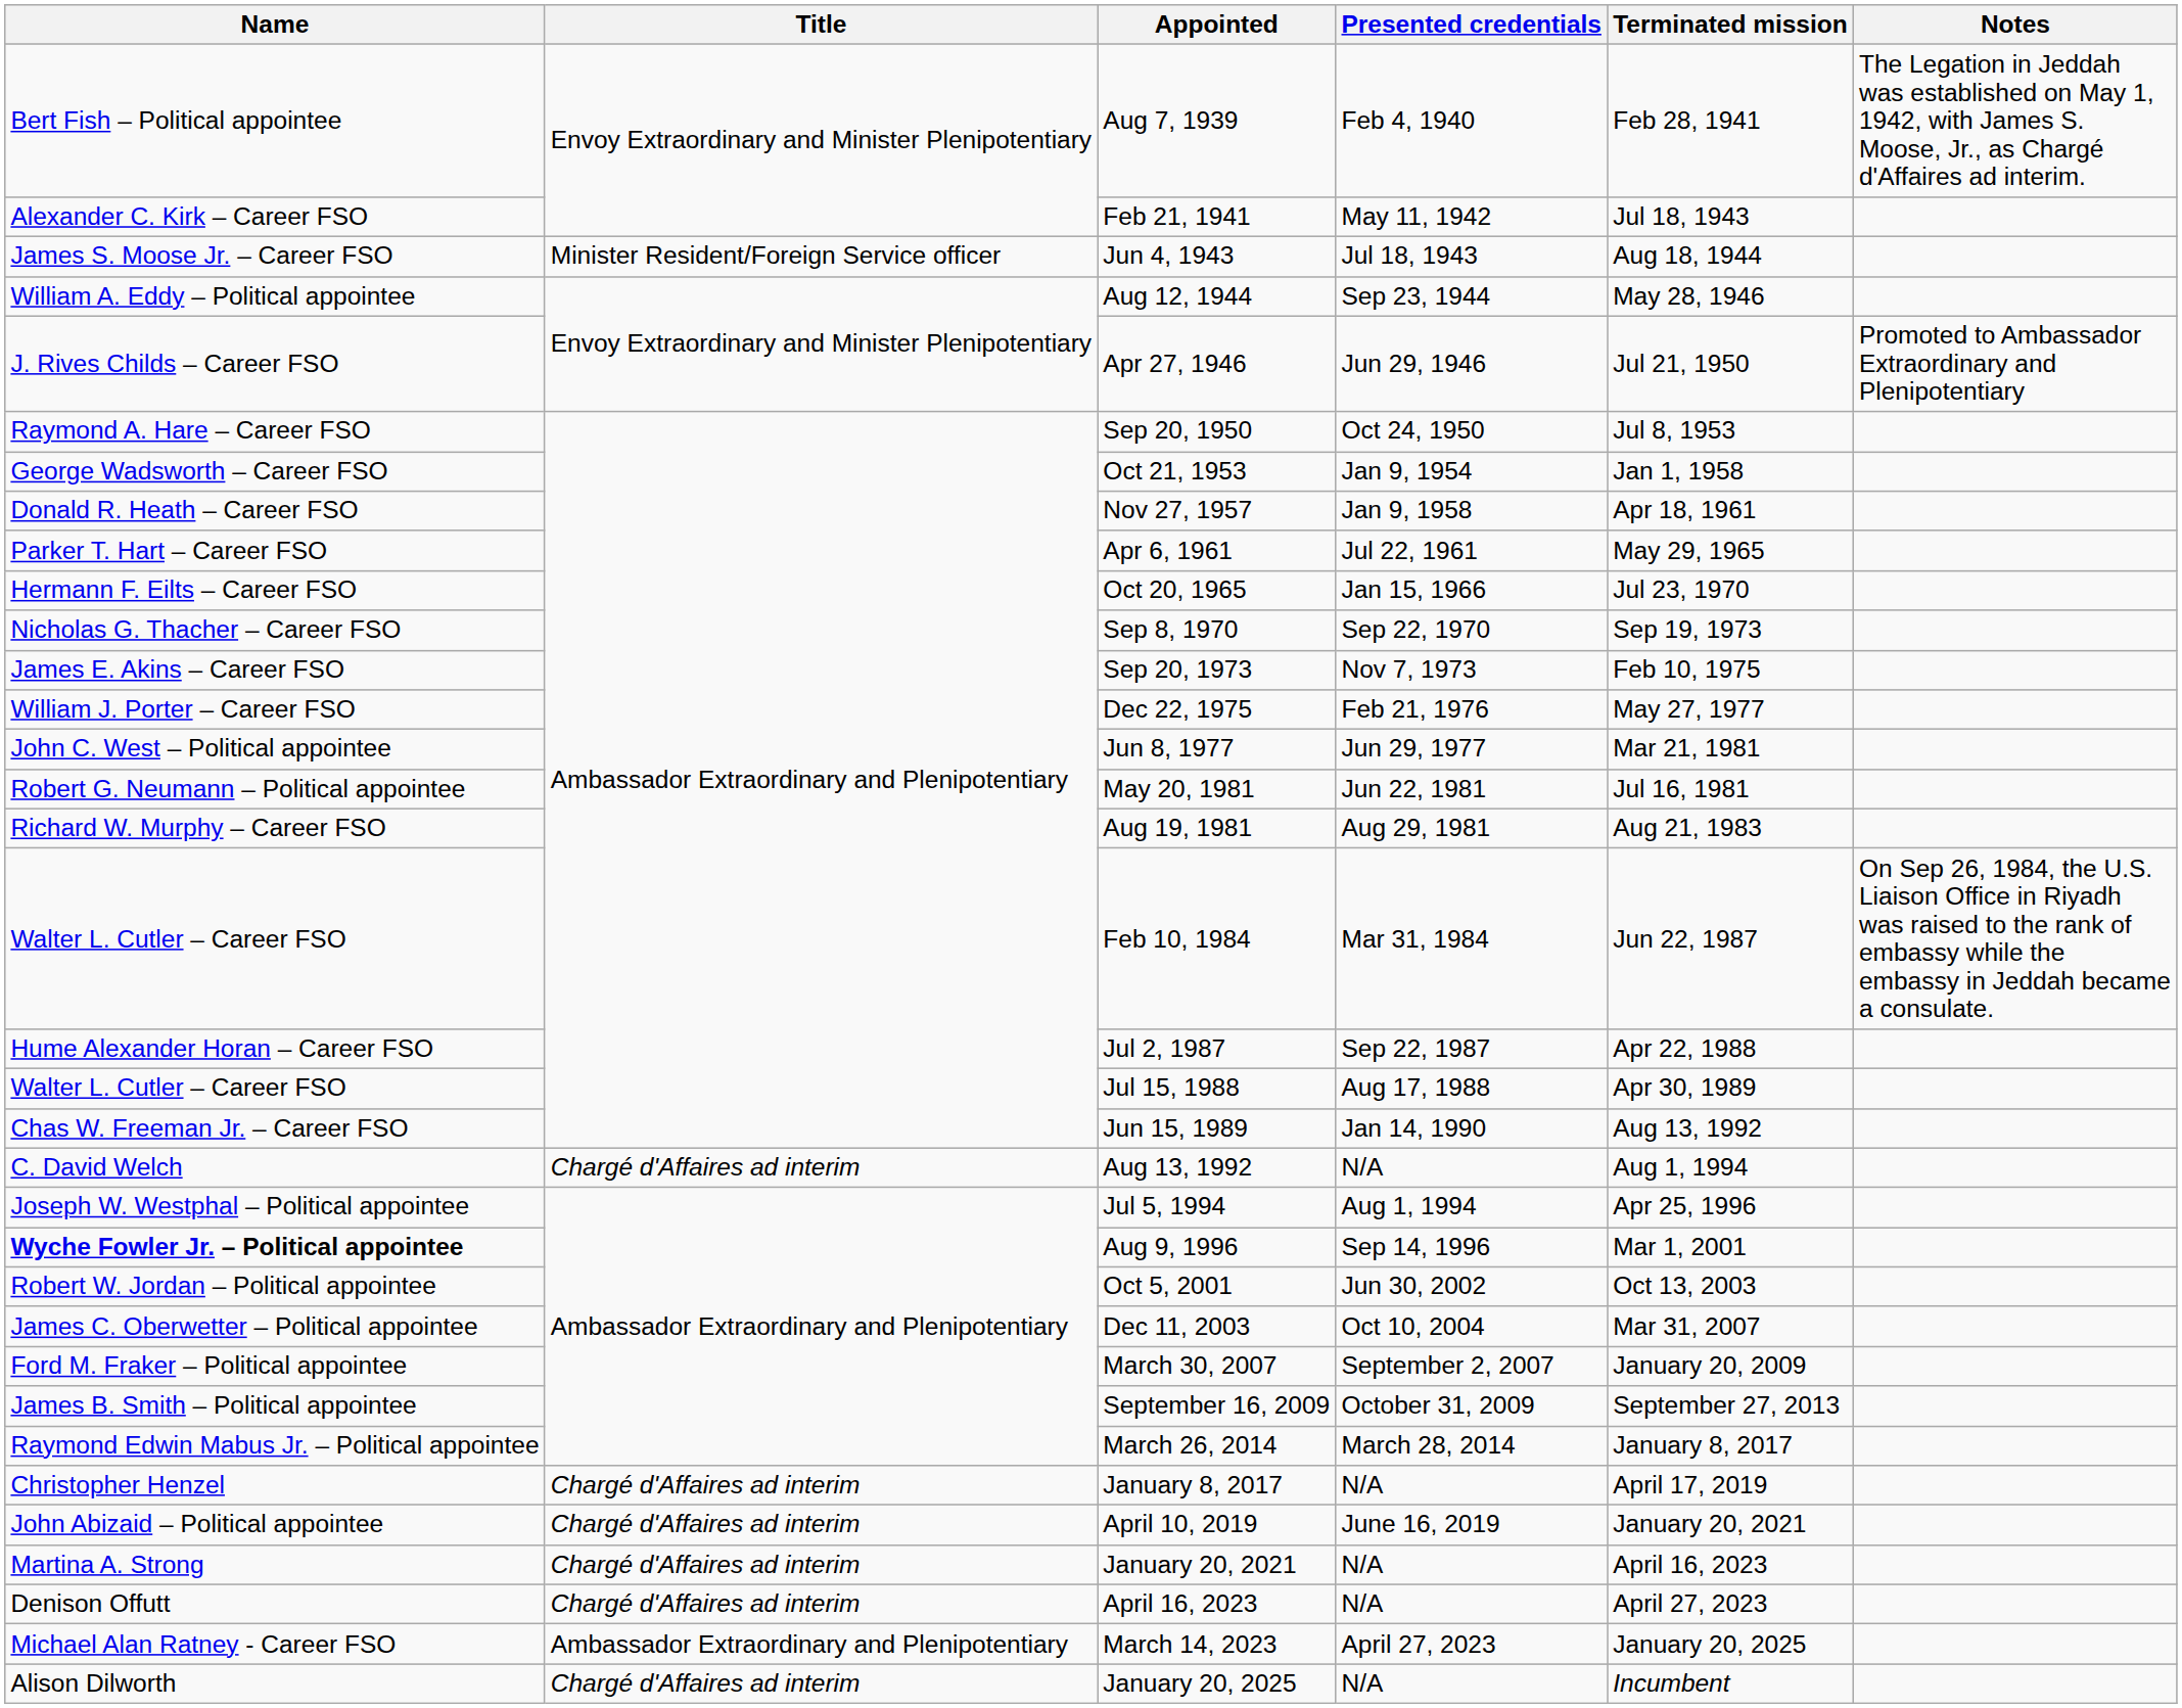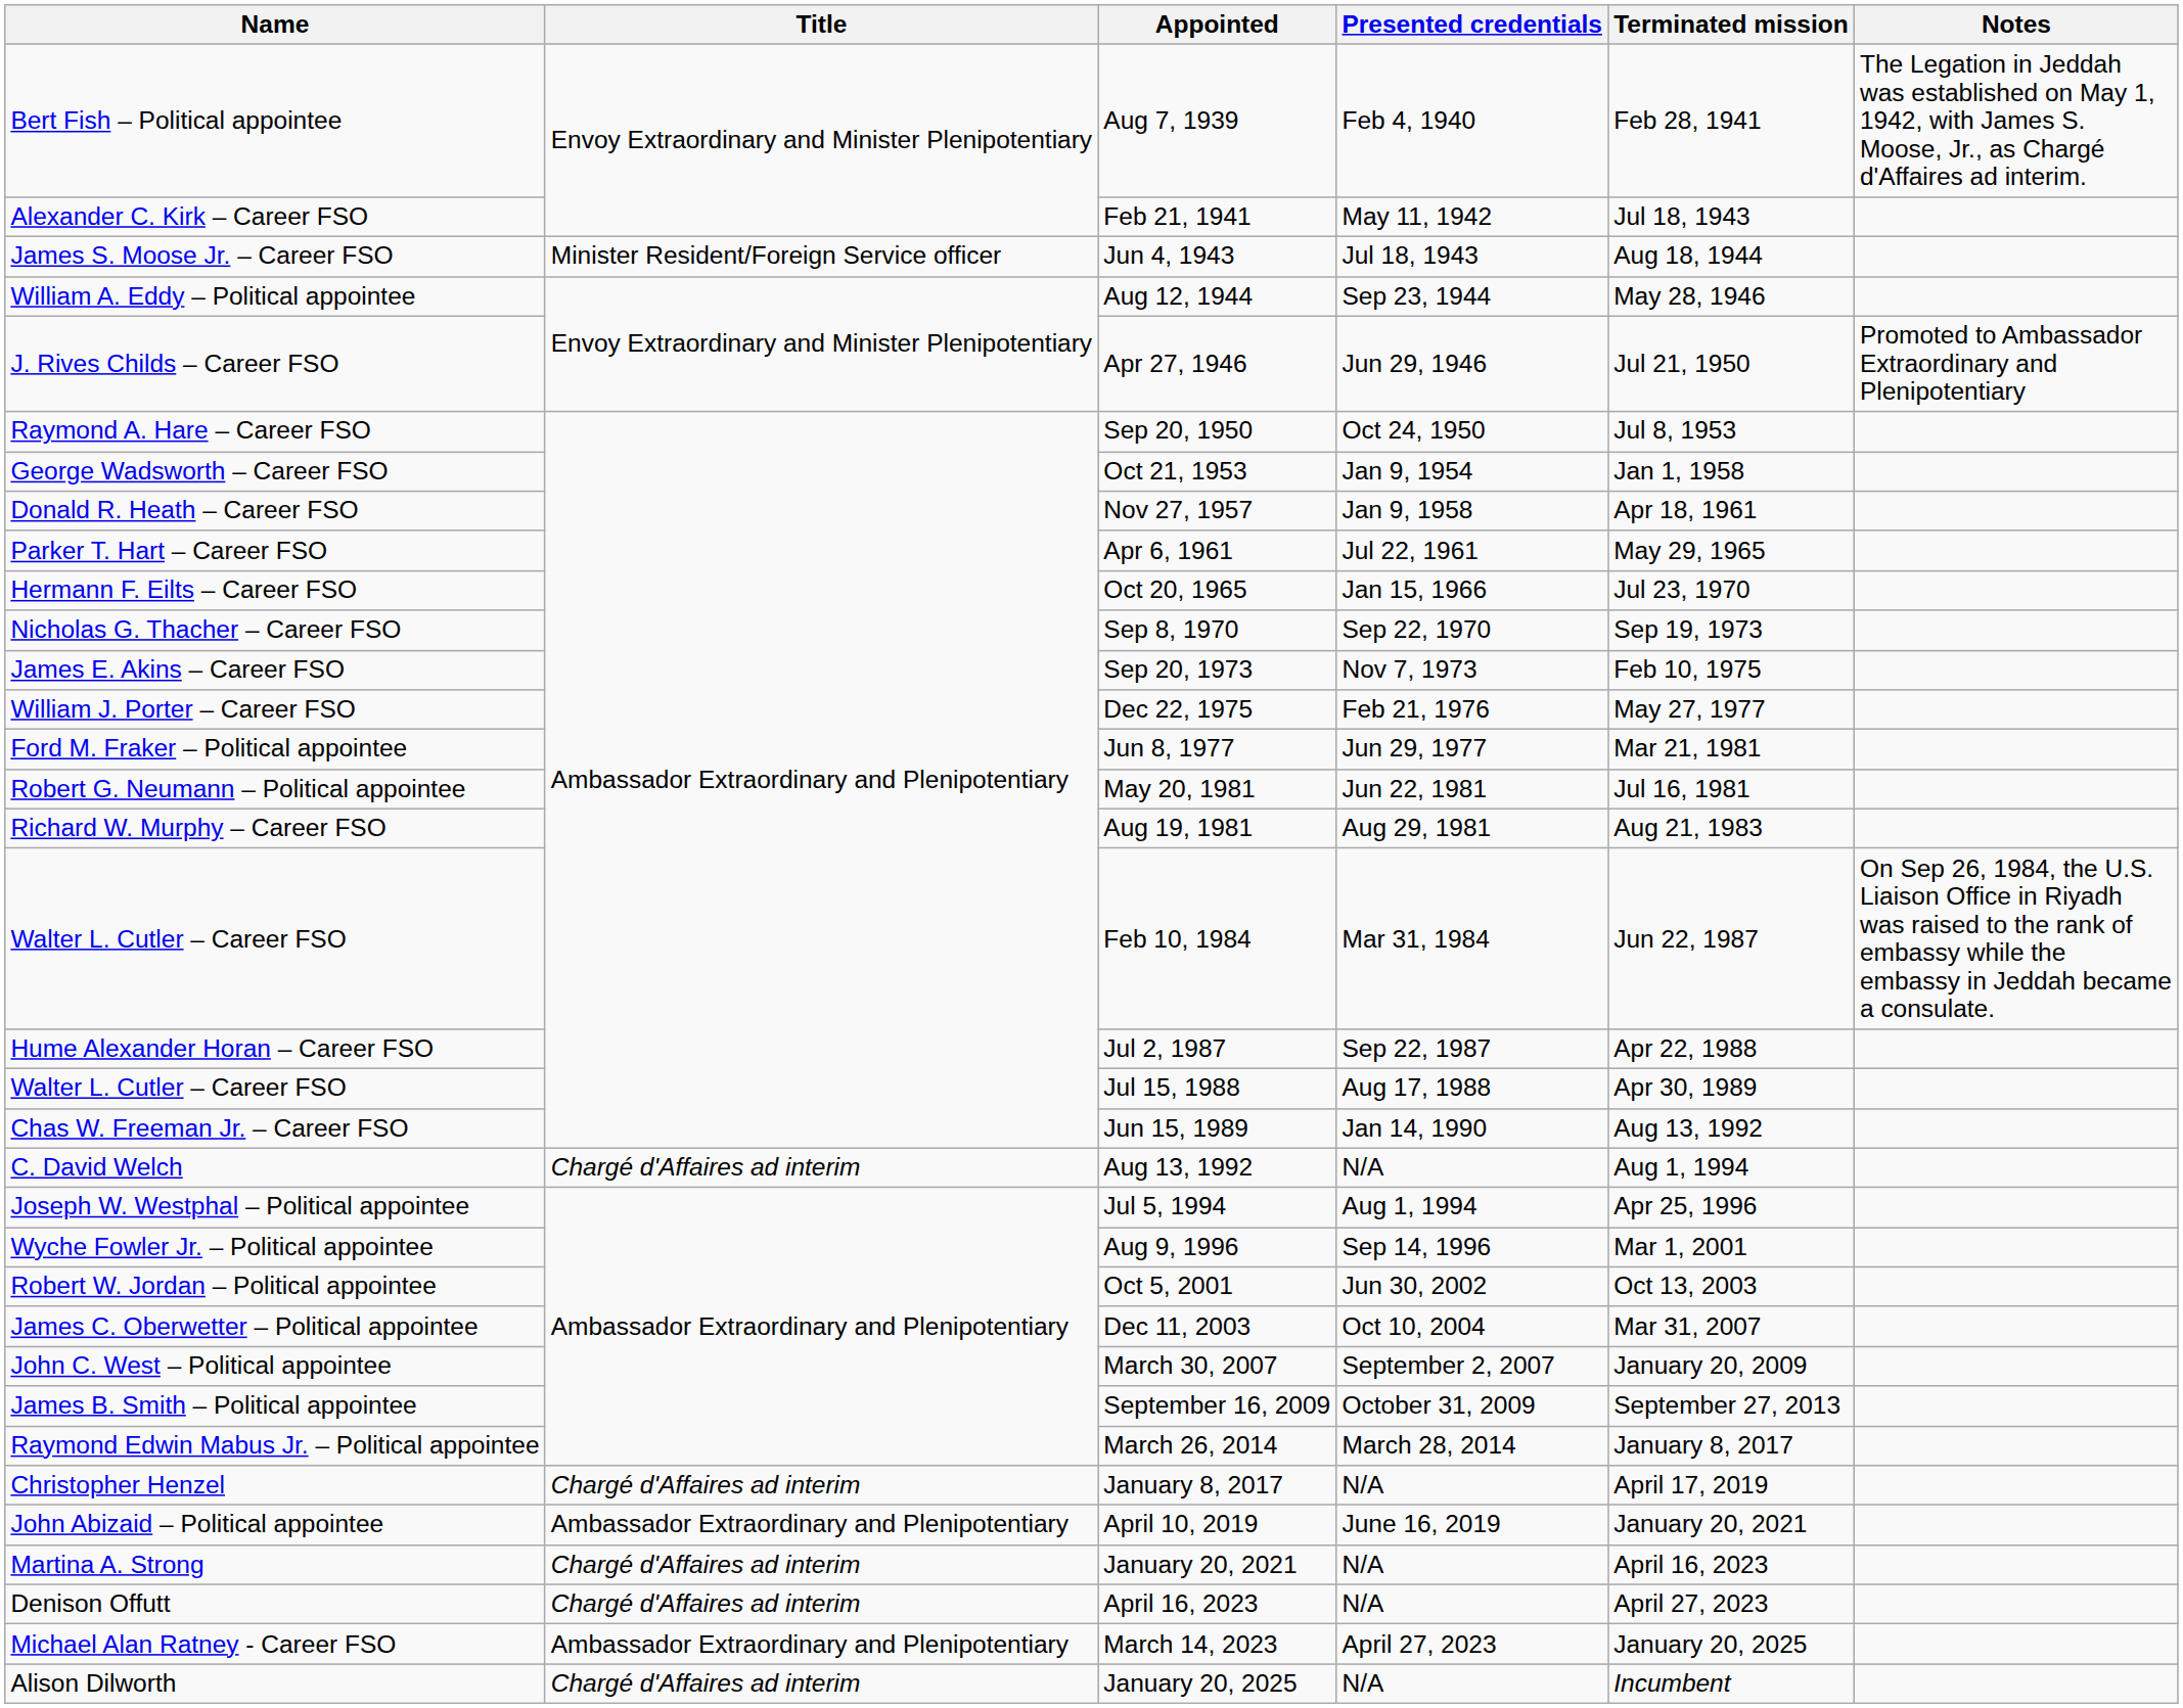 <table class="wikitable">
 <tr>
 <th>Name</th>
 <th>Title</th>
 <th>Appointed</th>
 <th><a href='#'>Presented credentials</a></th>
 <th>Terminated mission</th>
 <th style="width: 200px;">Notes</th>
 </tr>
 <tr>
 <td><a href='#'>Bert Fish</a> – Political appointee</td>
 <td rowspan="2">Envoy Extraordinary and Minister Plenipotentiary</td>
 <td>Aug 7, 1939</td>
 <td>Feb 4, 1940</td>
 <td>Feb 28, 1941</td>
 <td>The Legation in Jeddah was established on May 1, 1942, with James S. Moose, Jr., as Chargé d'Affaires ad interim.</td>
 </tr>
 <tr>
 <td><a href='#'>Alexander C. Kirk</a> – Career FSO</td>
 <td>Feb 21, 1941</td>
 <td>May 11, 1942</td>
 <td>Jul 18, 1943</td>
 <td></td>
 </tr>
 <tr>
 <td><a href='#'>James S. Moose Jr.</a> – Career FSO</td>
 <td>Minister Resident/Foreign Service officer</td>
 <td>Jun 4, 1943</td>
 <td>Jul 18, 1943</td>
 <td>Aug 18, 1944</td>
 <td></td>
 </tr>
 <tr>
 <td><a href='#'>William A. Eddy</a> – Political appointee</td>
 <td rowspan="2">Envoy Extraordinary and Minister Plenipotentiary</td>
 <td>Aug 12, 1944</td>
 <td>Sep 23, 1944</td>
 <td>May 28, 1946</td>
 <td></td>
 </tr>
 <tr>
 <td><a href='#'>J. Rives Childs</a> – Career FSO</td>
 <td>Apr 27, 1946</td>
 <td>Jun 29, 1946</td>
 <td>Jul 21, 1950</td>
 <td>Promoted to Ambassador Extraordinary and Plenipotentiary</td>
 </tr>
 <tr>
 <td><a href='#'>Raymond A. Hare</a> – Career FSO</td>
 <td rowspan="15">Ambassador Extraordinary and Plenipotentiary</td>
 <td>Sep 20, 1950</td>
 <td>Oct 24, 1950</td>
 <td>Jul 8, 1953</td>
 <td></td>
 </tr>
 <tr>
 <td><a href='#'>George Wadsworth</a> – Career FSO</td>
 <td>Oct 21, 1953</td>
 <td>Jan 9, 1954</td>
 <td>Jan 1, 1958</td>
 <td></td>
 </tr>
 <tr>
 <td><a href='#'>Donald R. Heath</a> – Career FSO</td>
 <td>Nov 27, 1957</td>
 <td>Jan 9, 1958</td>
 <td>Apr 18, 1961</td>
 <td></td>
 </tr>
 <tr>
 <td><a href='#'>Parker T. Hart</a> – Career FSO</td>
 <td>Apr 6, 1961</td>
 <td>Jul 22, 1961</td>
 <td>May 29, 1965</td>
 <td></td>
 </tr>
 <tr>
 <td><a href='#'>Hermann F. Eilts</a> – Career FSO</td>
 <td>Oct 20, 1965</td>
 <td>Jan 15, 1966</td>
 <td>Jul 23, 1970</td>
 <td></td>
 </tr>
 <tr>
 <td><a href='#'>Nicholas G. Thacher</a> – Career FSO</td>
 <td>Sep 8, 1970</td>
 <td>Sep 22, 1970</td>
 <td>Sep 19, 1973</td>
 <td></td>
 </tr>
 <tr>
 <td><a href='#'>James E. Akins</a> – Career FSO</td>
 <td>Sep 20, 1973</td>
 <td>Nov 7, 1973</td>
 <td>Feb 10, 1975</td>
 <td></td>
 </tr>
 <tr>
 <td><a href='#'>William J. Porter</a> – Career FSO</td>
 <td>Dec 22, 1975</td>
 <td>Feb 21, 1976</td>
 <td>May 27, 1977</td>
 <td></td>
 </tr>
 <tr>
-<td><a href='#'>John C. West</a> – Political appointee</td>
+<td><a href='#'>Ford M. Fraker</a> – Political appointee</td>
 <td>Jun 8, 1977</td>
 <td>Jun 29, 1977</td>
 <td>Mar 21, 1981</td>
 <td></td>
 </tr>
 <tr>
 <td><a href='#'>Robert G. Neumann</a> – Political appointee</td>
 <td>May 20, 1981</td>
 <td>Jun 22, 1981</td>
 <td>Jul 16, 1981</td>
 <td></td>
 </tr>
 <tr>
 <td><a href='#'>Richard W. Murphy</a> – Career FSO</td>
 <td>Aug 19, 1981</td>
 <td>Aug 29, 1981</td>
 <td>Aug 21, 1983</td>
 <td></td>
 </tr>
 <tr>
 <td><a href='#'>Walter L. Cutler</a> – Career FSO</td>
 <td>Feb 10, 1984</td>
 <td>Mar 31, 1984</td>
 <td>Jun 22, 1987</td>
 <td>On Sep 26, 1984, the U.S. Liaison Office in Riyadh was raised to the rank of embassy while the embassy in Jeddah became a consulate.</td>
 </tr>
 <tr>
 <td><a href='#'>Hume Alexander Horan</a> – Career FSO</td>
 <td>Jul 2, 1987</td>
 <td>Sep 22, 1987</td>
 <td>Apr 22, 1988</td>
 <td></td>
 </tr>
 <tr>
 <td><a href='#'>Walter L. Cutler</a> – Career FSO</td>
 <td>Jul 15, 1988</td>
 <td>Aug 17, 1988</td>
 <td>Apr 30, 1989</td>
 <td></td>
 </tr>
 <tr>
 <td><a href='#'>Chas W. Freeman Jr.</a> – Career FSO</td>
 <td>Jun 15, 1989</td>
 <td>Jan 14, 1990</td>
 <td>Aug 13, 1992</td>
 <td></td>
 </tr>
 <tr>
 <td><a href='#'>C. David Welch</a></td>
 <td><em>Chargé d'Affaires ad interim</em></td>
 <td>Aug 13, 1992</td>
 <td>N/A</td>
 <td>Aug 1, 1994</td>
 <td></td>
 </tr>
 <tr>
 <td><a href='#'>Joseph W. Westphal</a> – Political appointee</td>
 <td rowspan="7">Ambassador Extraordinary and Plenipotentiary</td>
 <td>Jul 5, 1994</td>
 <td>Aug 1, 1994</td>
 <td>Apr 25, 1996</td>
 <td></td>
 </tr>
 <tr>
-<td><strong><a href='#'>Wyche Fowler Jr.</a> – Political appointee</strong></td>
+<td><a href='#'>Wyche Fowler Jr.</a> – Political appointee</td>
 <td>Aug 9, 1996</td>
 <td>Sep 14, 1996</td>
 <td>Mar 1, 2001</td>
 <td></td>
 </tr>
 <tr>
 <td><a href='#'>Robert W. Jordan</a> – Political appointee</td>
 <td>Oct 5, 2001</td>
 <td>Jun 30, 2002</td>
 <td>Oct 13, 2003</td>
 <td></td>
 </tr>
 <tr>
 <td><a href='#'>James C. Oberwetter</a> – Political appointee</td>
 <td>Dec 11, 2003</td>
 <td>Oct 10, 2004</td>
 <td>Mar 31, 2007</td>
 <td></td>
 </tr>
 <tr>
-<td><a href='#'>Ford M. Fraker</a> – Political appointee</td>
+<td><a href='#'>John C. West</a> – Political appointee</td>
 <td>March 30, 2007</td>
 <td>September 2, 2007</td>
 <td>January 20, 2009</td>
 <td></td>
 </tr>
 <tr>
 <td><a href='#'>James B. Smith</a> – Political appointee</td>
 <td>September 16, 2009</td>
 <td>October 31, 2009</td>
 <td>September 27, 2013</td>
 <td></td>
 </tr>
 <tr>
 <td><a href='#'>Raymond Edwin Mabus Jr.</a> – Political appointee</td>
 <td>March 26, 2014</td>
 <td>March 28, 2014</td>
 <td>January 8, 2017</td>
 <td></td>
 </tr>
 <tr>
 <td><a href='#'>Christopher Henzel</a></td>
 <td><em>Chargé d'Affaires ad interim</em></td>
 <td>January 8, 2017</td>
 <td>N/A</td>
 <td>April 17, 2019</td>
 <td></td>
 </tr>
 <tr>
 <td><a href='#'>John Abizaid</a> – Political appointee</td>
-<td><em>Chargé d'Affaires ad interim</em></td>
+<td>Ambassador Extraordinary and Plenipotentiary</td>
 <td>April 10, 2019</td>
 <td>June 16, 2019</td>
 <td>January 20, 2021</td>
 <td></td>
 </tr>
 <tr>
 <td><a href='#'>Martina A. Strong</a></td>
 <td><em>Chargé d'Affaires ad interim</em></td>
 <td>January 20, 2021</td>
 <td>N/A</td>
 <td>April 16, 2023</td>
 <td></td>
 </tr>
 <tr>
 <td>Denison Offutt</td>
 <td><em>Chargé d'Affaires ad interim</em></td>
 <td>April 16, 2023</td>
 <td>N/A</td>
 <td>April 27, 2023</td>
 <td></td>
 </tr>
 <tr>
 <td><a href='#'>Michael Alan Ratney</a> - Career FSO</td>
 <td>Ambassador Extraordinary and Plenipotentiary</td>
 <td>March 14, 2023</td>
 <td>April 27, 2023</td>
 <td>January 20, 2025</td>
 <td></td>
 </tr>
 <tr>
 <td>Alison Dilworth</td>
 <td><em>Chargé d'Affaires ad interim</em></td>
 <td>January 20, 2025</td>
 <td>N/A</td>
 <td><em>Incumbent</em></td>
 <td></td>
 </tr>
 </table>
